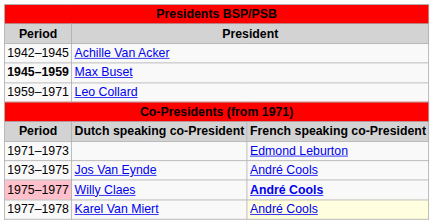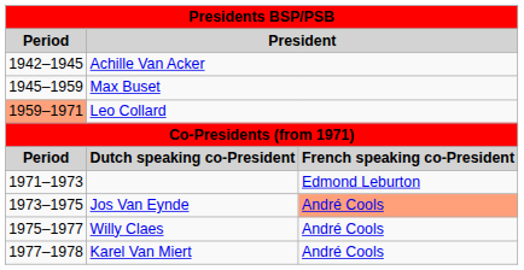 <table class="wikitable">
 <tr>
 <th style="background:red;" colspan="3"><span>Presidents BSP/PSB</span></th>
 </tr>
 <tr>
 <th style="background:lightgrey;"><span>Period</span></th>
 <th style="background:lightgrey;" colspan="2"><span>President</span></th>
 </tr>
 <tr>
 <td>1942–1945</td>
 <td colspan="2"><a href='#'>Achille Van Acker</a></td>
 </tr>
 <tr>
-<td><strong>1945–1959</strong></td>
+<td>1945–1959</td>
 <td colspan="2"><a href='#'>Max Buset</a></td>
 </tr>
 <tr>
-<td>1959–1971</td>
+<td style="background: lightsalmon;">1959–1971</td>
 <td colspan="2"><a href='#'>Leo Collard</a></td>
 </tr>
 <tr>
 <th style="background:Red;" colspan="10"><span> Co-Presidents (from 1971)</span></th>
 </tr>
 <tr>
 <th style="background:lightgrey;"><span>Period</span></th>
 <th style="background:lightgrey;"><span>Dutch speaking co-President</span></th>
 <th style="background:lightgrey;"><span>French speaking co-President</span></th>
 </tr>
 <tr>
 <td>1971–1973</td>
 <td></td>
 <td><a href='#'>Edmond Leburton</a></td>
 </tr>
 <tr>
 <td>1973–1975</td>
 <td><a href='#'>Jos Van Eynde</a></td>
-<td><a href='#'>André Cools</a></td>
+<td style="background: lightsalmon;"><a href='#'>André Cools</a></td>
 </tr>
 <tr>
-<td style="background: pink;">1975–1977</td>
+<td>1975–1977</td>
 <td><a href='#'>Willy Claes</a></td>
-<td><strong><a href='#'>André Cools</a></strong></td>
+<td><a href='#'>André Cools</a></td>
 </tr>
 <tr>
 <td>1977–1978</td>
 <td><a href='#'>Karel Van Miert</a></td>
-<td style="background: lightyellow;"><a href='#'>André Cools</a></td>
+<td><a href='#'>André Cools</a></td>
 </tr>
 </table>
